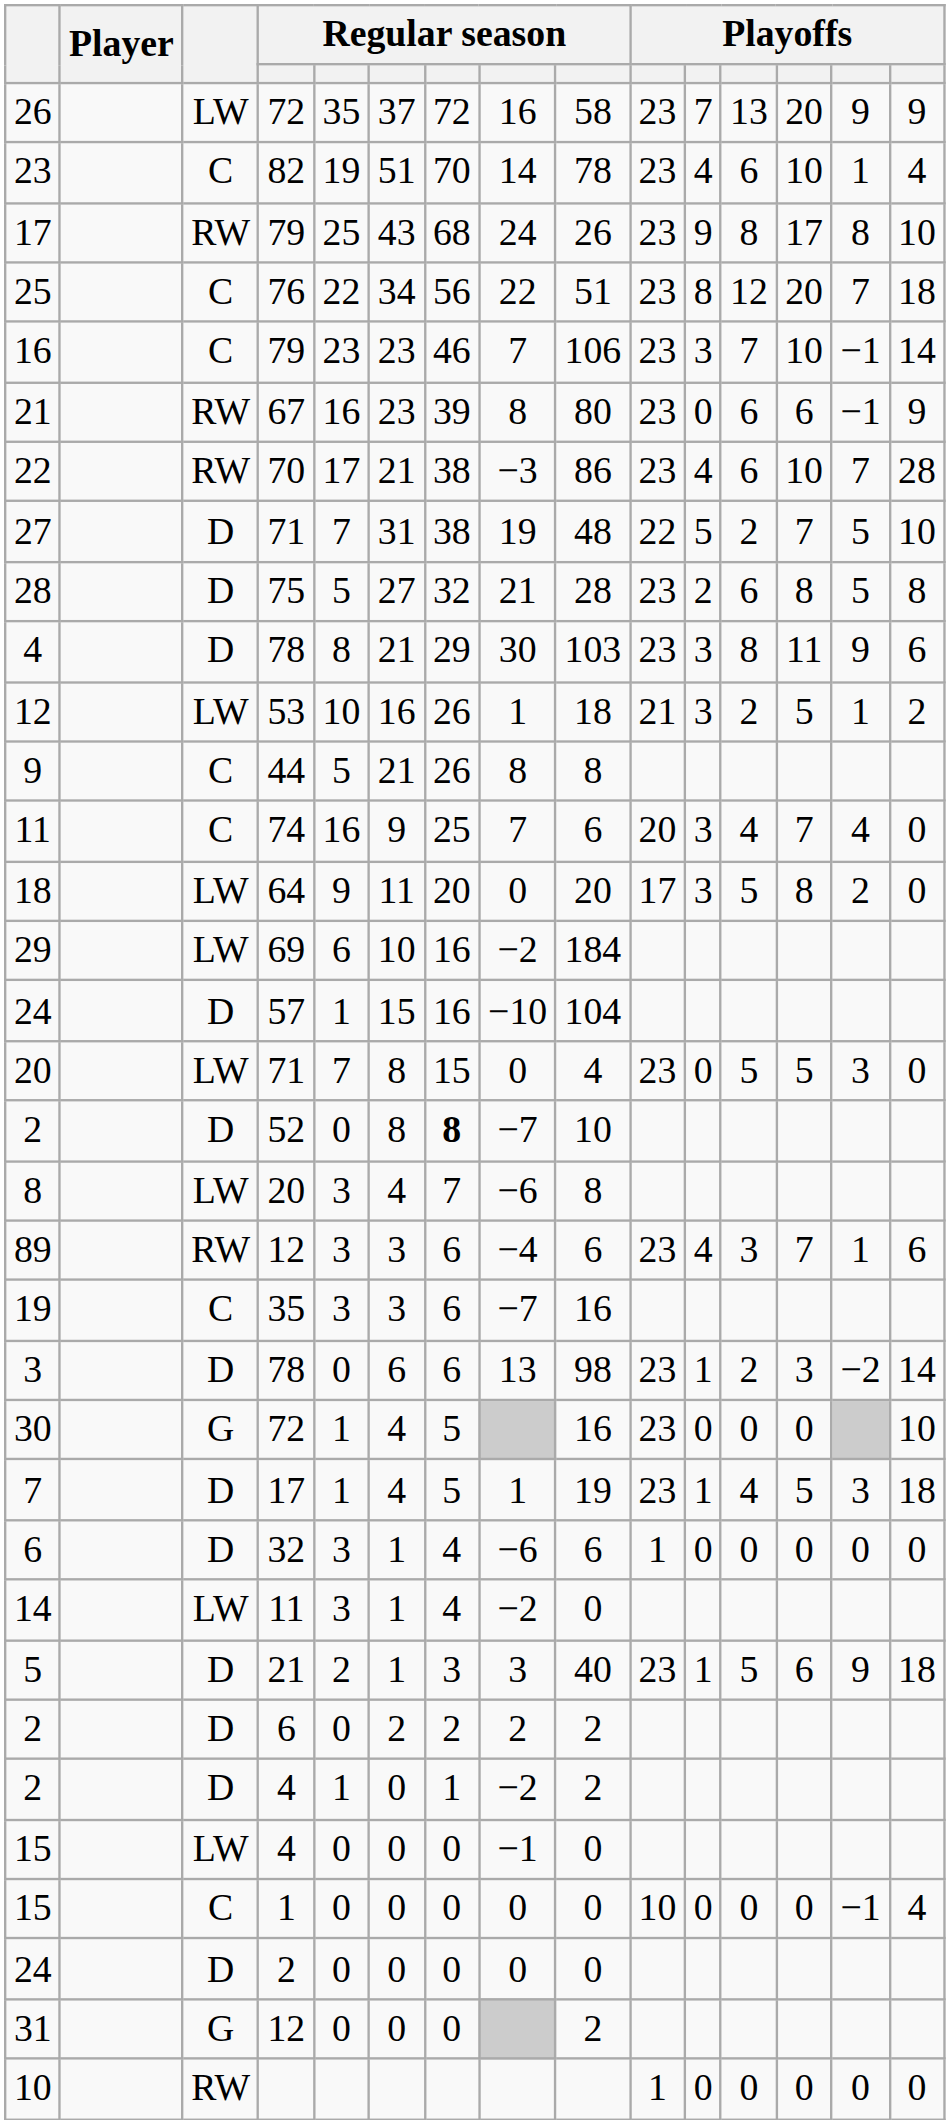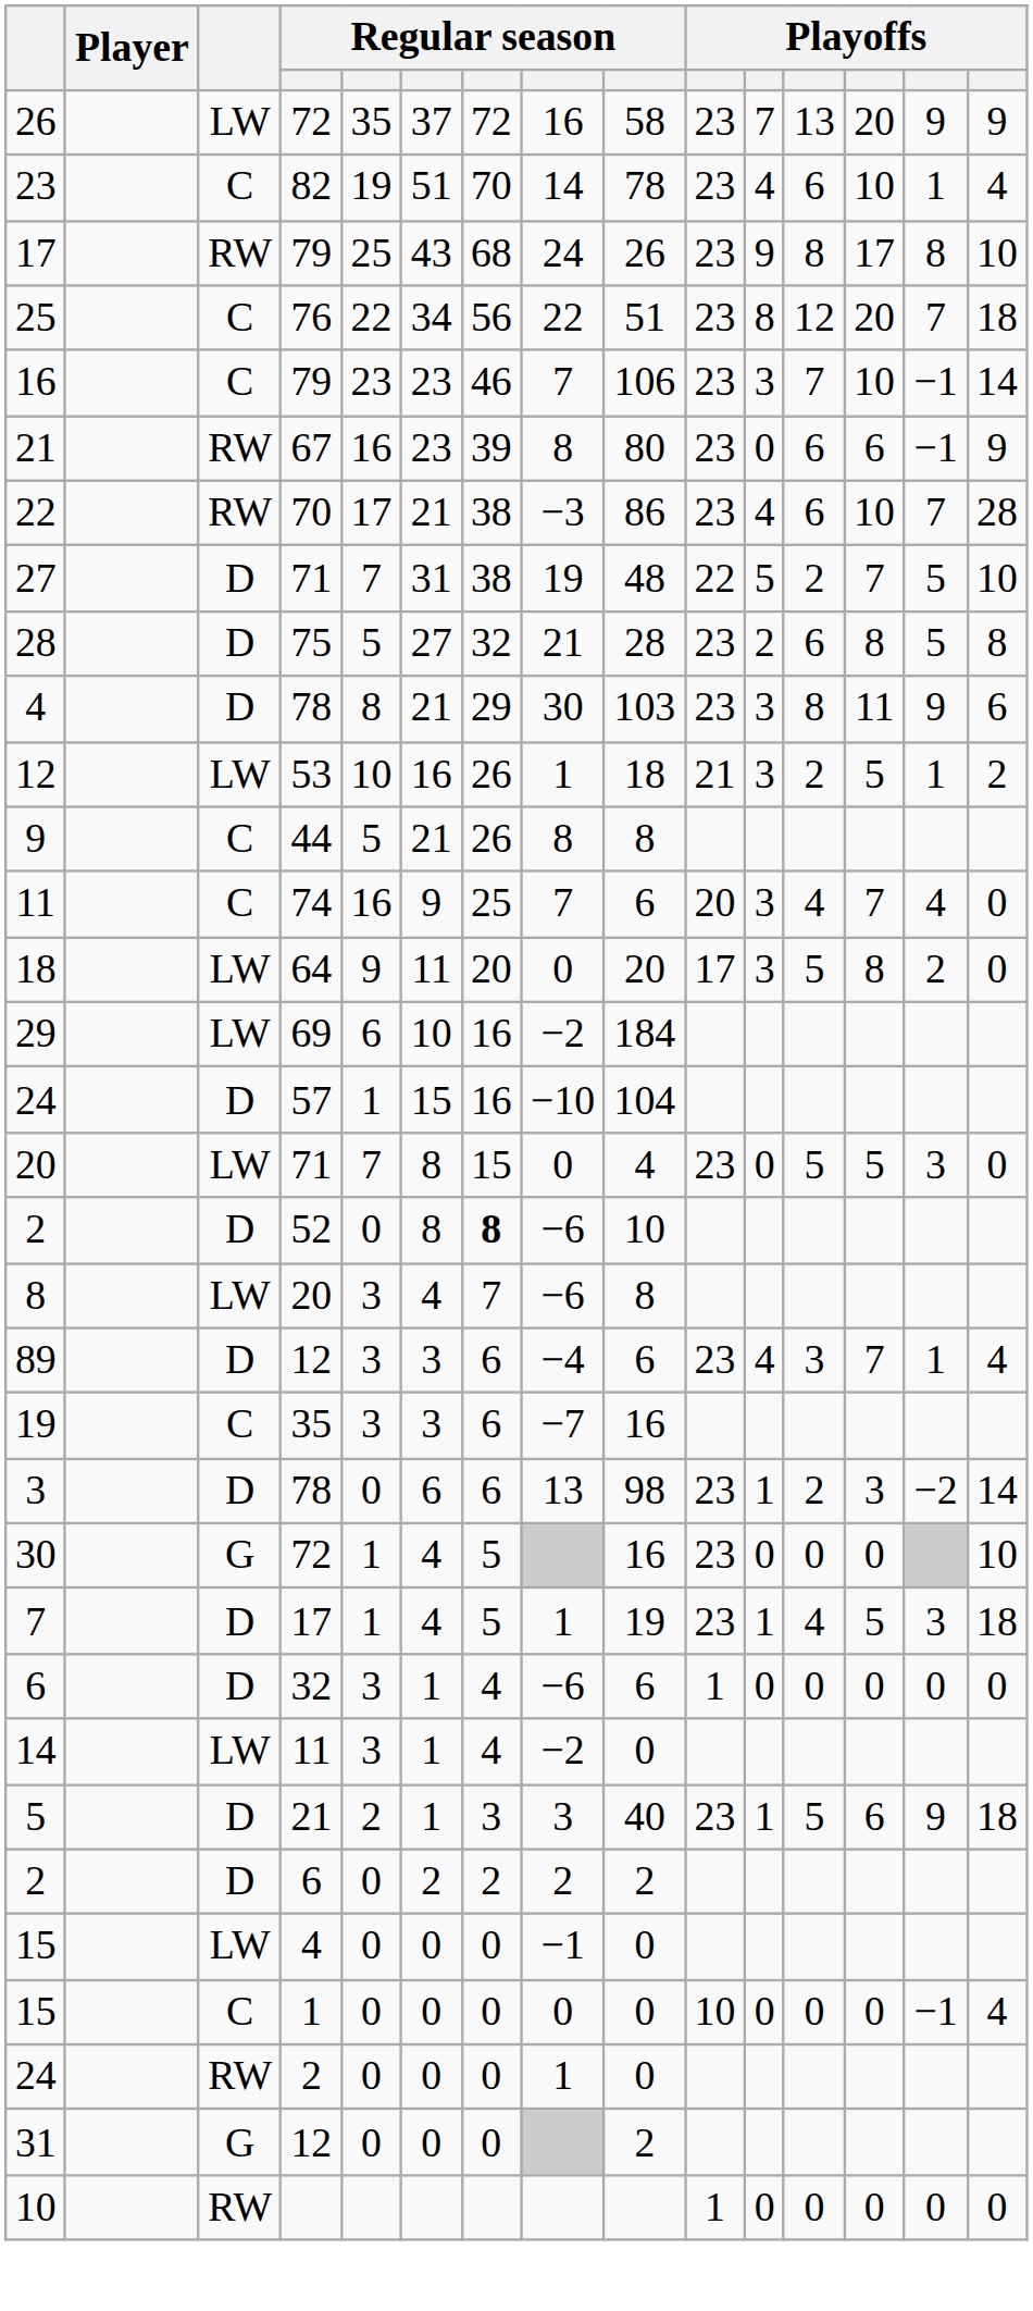 <table class="wikitable sortable plainrowheaders" style="text-align:center;">
 <tr>
 <th scope="col" data-sort-type="number" rowspan="2"></th>
 <th scope="col" rowspan="2">Player</th>
 <th scope="col" rowspan="2"></th>
 <th scope=colgroup colspan=6>Regular season</th>
 <th scope=colgroup colspan=6>Playoffs</th>
 </tr>
 <tr>
 <th scope="col" data-sort-type="number"></th>
 <th scope="col" data-sort-type="number"></th>
 <th scope="col" data-sort-type="number"></th>
 <th scope="col" data-sort-type="number"></th>
 <th scope="col" data-sort-type="number"></th>
 <th scope="col" data-sort-type="number"></th>
 <th scope="col" data-sort-type="number"></th>
 <th scope="col" data-sort-type="number"></th>
 <th scope="col" data-sort-type="number"></th>
 <th scope="col" data-sort-type="number"></th>
 <th scope="col" data-sort-type="number"></th>
 <th scope="col" data-sort-type="number"></th>
 </tr>
 <tr>
 <td scope="row">26</td>
 <td align="left"></td>
 <td>LW</td>
 <td>72</td>
 <td>35</td>
 <td>37</td>
 <td>72</td>
 <td>16</td>
 <td>58</td>
 <td>23</td>
 <td>7</td>
 <td>13</td>
 <td>20</td>
 <td>9</td>
 <td>9</td>
 </tr>
 <tr>
 <td scope="row">23</td>
 <td align="left"></td>
 <td>C</td>
 <td>82</td>
 <td>19</td>
 <td>51</td>
 <td>70</td>
 <td>14</td>
 <td>78</td>
 <td>23</td>
 <td>4</td>
 <td>6</td>
 <td>10</td>
 <td>1</td>
 <td>4</td>
 </tr>
 <tr>
 <td scope="row">17</td>
 <td align="left"></td>
 <td>RW</td>
 <td>79</td>
 <td>25</td>
 <td>43</td>
 <td>68</td>
 <td>24</td>
 <td>26</td>
 <td>23</td>
 <td>9</td>
 <td>8</td>
 <td>17</td>
 <td>8</td>
 <td>10</td>
 </tr>
 <tr>
 <td scope="row">25</td>
 <td align="left"></td>
 <td>C</td>
 <td>76</td>
 <td>22</td>
 <td>34</td>
 <td>56</td>
 <td>22</td>
 <td>51</td>
 <td>23</td>
 <td>8</td>
 <td>12</td>
 <td>20</td>
 <td>7</td>
 <td>18</td>
 </tr>
 <tr>
 <td scope="row">16</td>
 <td align="left"></td>
 <td>C</td>
 <td>79</td>
 <td>23</td>
 <td>23</td>
 <td>46</td>
 <td>7</td>
 <td>106</td>
 <td>23</td>
 <td>3</td>
 <td>7</td>
 <td>10</td>
 <td>−1</td>
 <td>14</td>
 </tr>
 <tr>
 <td scope="row">21</td>
 <td align="left"></td>
 <td>RW</td>
 <td>67</td>
 <td>16</td>
 <td>23</td>
 <td>39</td>
 <td>8</td>
 <td>80</td>
 <td>23</td>
 <td>0</td>
 <td>6</td>
 <td>6</td>
 <td>−1</td>
 <td>9</td>
 </tr>
 <tr>
 <td scope="row">22</td>
 <td align="left"></td>
 <td>RW</td>
 <td>70</td>
 <td>17</td>
 <td>21</td>
 <td>38</td>
 <td>−3</td>
 <td>86</td>
 <td>23</td>
 <td>4</td>
 <td>6</td>
 <td>10</td>
 <td>7</td>
 <td>28</td>
 </tr>
 <tr>
 <td scope="row">27</td>
 <td align="left"></td>
 <td>D</td>
 <td>71</td>
 <td>7</td>
 <td>31</td>
 <td>38</td>
 <td>19</td>
 <td>48</td>
 <td>22</td>
 <td>5</td>
 <td>2</td>
 <td>7</td>
 <td>5</td>
 <td>10</td>
 </tr>
 <tr>
 <td scope="row">28</td>
 <td align="left"></td>
 <td>D</td>
 <td>75</td>
 <td>5</td>
 <td>27</td>
 <td>32</td>
 <td>21</td>
 <td>28</td>
 <td>23</td>
 <td>2</td>
 <td>6</td>
 <td>8</td>
 <td>5</td>
 <td>8</td>
 </tr>
 <tr>
 <td scope="row">4</td>
 <td align="left"></td>
 <td>D</td>
 <td>78</td>
 <td>8</td>
 <td>21</td>
 <td>29</td>
 <td>30</td>
 <td>103</td>
 <td>23</td>
 <td>3</td>
 <td>8</td>
 <td>11</td>
 <td>9</td>
 <td>6</td>
 </tr>
 <tr>
 <td scope="row">12</td>
 <td align="left"></td>
 <td>LW</td>
 <td>53</td>
 <td>10</td>
 <td>16</td>
 <td>26</td>
 <td>1</td>
 <td>18</td>
 <td>21</td>
 <td>3</td>
 <td>2</td>
 <td>5</td>
 <td>1</td>
 <td>2</td>
 </tr>
 <tr>
 <td scope="row">9</td>
 <td align="left"></td>
 <td>C</td>
 <td>44</td>
 <td>5</td>
 <td>21</td>
 <td>26</td>
 <td>8</td>
 <td>8</td>
 <td></td>
 <td></td>
 <td></td>
 <td></td>
 <td></td>
 <td></td>
 </tr>
 <tr>
 <td scope="row">11</td>
 <td align="left"></td>
 <td>C</td>
 <td>74</td>
 <td>16</td>
 <td>9</td>
 <td>25</td>
 <td>7</td>
 <td>6</td>
 <td>20</td>
 <td>3</td>
 <td>4</td>
 <td>7</td>
 <td>4</td>
 <td>0</td>
 </tr>
 <tr>
 <td scope="row">18</td>
 <td align="left"></td>
 <td>LW</td>
 <td>64</td>
 <td>9</td>
 <td>11</td>
 <td>20</td>
 <td>0</td>
 <td>20</td>
 <td>17</td>
 <td>3</td>
 <td>5</td>
 <td>8</td>
 <td>2</td>
 <td>0</td>
 </tr>
 <tr>
 <td scope="row">29</td>
 <td align="left"></td>
 <td>LW</td>
 <td>69</td>
 <td>6</td>
 <td>10</td>
 <td>16</td>
 <td>−2</td>
 <td>184</td>
 <td></td>
 <td></td>
 <td></td>
 <td></td>
 <td></td>
 <td></td>
 </tr>
 <tr>
 <td scope="row">24</td>
 <td align="left"></td>
 <td>D</td>
 <td>57</td>
 <td>1</td>
 <td>15</td>
 <td>16</td>
 <td>−10</td>
 <td>104</td>
 <td></td>
 <td></td>
 <td></td>
 <td></td>
 <td></td>
 <td></td>
 </tr>
 <tr>
 <td scope="row">20</td>
 <td align="left"></td>
 <td>LW</td>
 <td>71</td>
 <td>7</td>
 <td>8</td>
 <td>15</td>
 <td>0</td>
 <td>4</td>
 <td>23</td>
 <td>0</td>
 <td>5</td>
 <td>5</td>
 <td>3</td>
 <td>0</td>
 </tr>
 <tr>
 <td scope="row">2</td>
 <td align="left"></td>
 <td>D</td>
 <td>52</td>
 <td>0</td>
 <td>8</td>
 <td><strong>8</strong></td>
-<td>−7</td>
+<td>−6</td>
 <td>10</td>
 <td></td>
 <td></td>
 <td></td>
 <td></td>
 <td></td>
 <td></td>
 </tr>
 <tr>
 <td scope="row">8</td>
 <td align="left"></td>
 <td>LW</td>
 <td>20</td>
 <td>3</td>
 <td>4</td>
 <td>7</td>
 <td>−6</td>
 <td>8</td>
 <td></td>
 <td></td>
 <td></td>
 <td></td>
 <td></td>
 <td></td>
 </tr>
 <tr>
 <td scope="row">89</td>
 <td align="left"></td>
-<td>RW</td>
+<td>D</td>
 <td>12</td>
 <td>3</td>
 <td>3</td>
 <td>6</td>
 <td>−4</td>
 <td>6</td>
 <td>23</td>
 <td>4</td>
 <td>3</td>
 <td>7</td>
 <td>1</td>
-<td>6</td>
+<td>4</td>
 </tr>
 <tr>
 <td scope="row">19</td>
 <td align="left"></td>
 <td>C</td>
 <td>35</td>
 <td>3</td>
 <td>3</td>
 <td>6</td>
 <td>−7</td>
 <td>16</td>
 <td></td>
 <td></td>
 <td></td>
 <td></td>
 <td></td>
 <td></td>
 </tr>
 <tr>
 <td scope="row">3</td>
 <td align="left"></td>
 <td>D</td>
 <td>78</td>
 <td>0</td>
 <td>6</td>
 <td>6</td>
 <td>13</td>
 <td>98</td>
 <td>23</td>
 <td>1</td>
 <td>2</td>
 <td>3</td>
 <td>−2</td>
 <td>14</td>
 </tr>
 <tr>
 <td scope="row">30</td>
 <td align="left"></td>
 <td>G</td>
 <td>72</td>
 <td>1</td>
 <td>4</td>
 <td>5</td>
 <td style="background:#ccc"></td>
 <td>16</td>
 <td>23</td>
 <td>0</td>
 <td>0</td>
 <td>0</td>
 <td style="background:#ccc"></td>
 <td>10</td>
 </tr>
 <tr>
 <td scope="row">7</td>
 <td align="left"></td>
 <td>D</td>
 <td>17</td>
 <td>1</td>
 <td>4</td>
 <td>5</td>
 <td>1</td>
 <td>19</td>
 <td>23</td>
 <td>1</td>
 <td>4</td>
 <td>5</td>
 <td>3</td>
 <td>18</td>
 </tr>
 <tr>
 <td scope="row">6</td>
 <td align="left"></td>
 <td>D</td>
 <td>32</td>
 <td>3</td>
 <td>1</td>
 <td>4</td>
 <td>−6</td>
 <td>6</td>
 <td>1</td>
 <td>0</td>
 <td>0</td>
 <td>0</td>
 <td>0</td>
 <td>0</td>
 </tr>
 <tr>
 <td scope="row">14</td>
 <td align="left"></td>
 <td>LW</td>
 <td>11</td>
 <td>3</td>
 <td>1</td>
 <td>4</td>
 <td>−2</td>
 <td>0</td>
 <td></td>
 <td></td>
 <td></td>
 <td></td>
 <td></td>
 <td></td>
 </tr>
 <tr>
 <td scope="row">5</td>
 <td align="left"></td>
 <td>D</td>
 <td>21</td>
 <td>2</td>
 <td>1</td>
 <td>3</td>
 <td>3</td>
 <td>40</td>
 <td>23</td>
 <td>1</td>
 <td>5</td>
 <td>6</td>
 <td>9</td>
 <td>18</td>
 </tr>
 <tr>
 <td scope="row">2</td>
 <td align="left"></td>
 <td>D</td>
 <td>6</td>
 <td>0</td>
 <td>2</td>
 <td>2</td>
 <td>2</td>
 <td>2</td>
 <td></td>
 <td></td>
 <td></td>
 <td></td>
 <td></td>
 <td></td>
 </tr>
 <tr>
-<td scope="row">2</td>
-<td align="left"></td>
-<td>D</td>
-<td>4</td>
-<td>1</td>
-<td>0</td>
-<td>1</td>
-<td>−2</td>
-<td>2</td>
-<td></td>
-<td></td>
-<td></td>
-<td></td>
-<td></td>
-<td></td>
-</tr>
-<tr>
 <td scope="row">15</td>
 <td align="left"></td>
 <td>LW</td>
 <td>4</td>
 <td>0</td>
 <td>0</td>
 <td>0</td>
 <td>−1</td>
 <td>0</td>
 <td></td>
 <td></td>
 <td></td>
 <td></td>
 <td></td>
 <td></td>
 </tr>
 <tr>
 <td scope="row">15</td>
 <td align="left"></td>
 <td>C</td>
 <td>1</td>
 <td>0</td>
 <td>0</td>
 <td>0</td>
 <td>0</td>
 <td>0</td>
 <td>10</td>
 <td>0</td>
 <td>0</td>
 <td>0</td>
 <td>−1</td>
 <td>4</td>
 </tr>
 <tr>
 <td scope="row">24</td>
 <td align="left"></td>
-<td>D</td>
+<td>RW</td>
 <td>2</td>
 <td>0</td>
 <td>0</td>
 <td>0</td>
-<td>0</td>
+<td>1</td>
 <td>0</td>
 <td></td>
 <td></td>
 <td></td>
 <td></td>
 <td></td>
 <td></td>
 </tr>
 <tr>
 <td scope="row">31</td>
 <td align="left"></td>
 <td>G</td>
 <td>12</td>
 <td>0</td>
 <td>0</td>
 <td>0</td>
 <td style="background:#ccc"></td>
 <td>2</td>
 <td></td>
 <td></td>
 <td></td>
 <td></td>
 <td></td>
 <td></td>
 </tr>
 <tr>
 <td scope="row">10</td>
 <td align="left"></td>
 <td>RW</td>
 <td></td>
 <td></td>
 <td></td>
 <td></td>
 <td></td>
 <td></td>
 <td>1</td>
 <td>0</td>
 <td>0</td>
 <td>0</td>
 <td>0</td>
 <td>0</td>
 </tr>
 </table>
